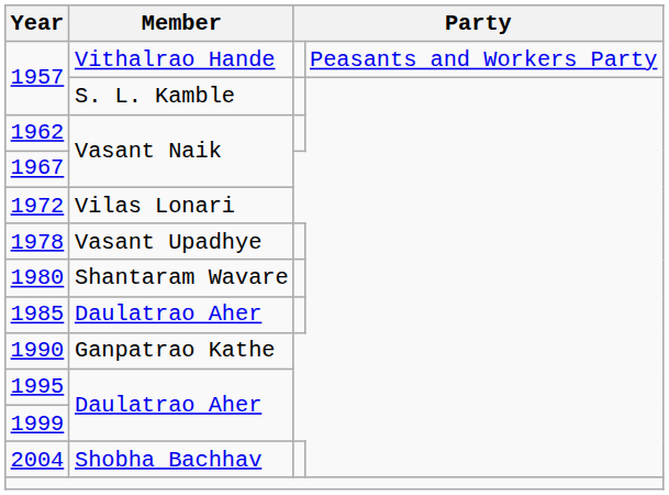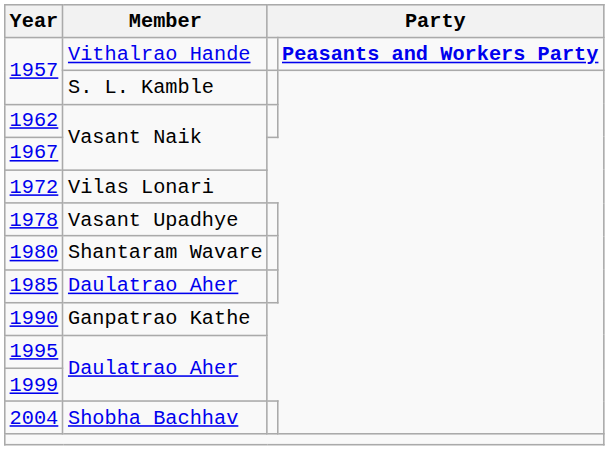 <table class=wikitable>
 <tr>
 <th>Year</th>
 <th>Member</th>
 <th colspan="2">Party</th>
 </tr>
 <tr>
 <td rowspan="2"><a href='#'>1957</a></td>
 <td><a href='#'>Vithalrao Hande</a></td>
 <td style="background-color :"></td>
-<td><a href='#'>Peasants and Workers Party</a></td>
+<td><strong><a href='#'>Peasants and Workers Party</a></strong></td>
 </tr>
 <tr>
 <td>S. L. Kamble</td>
 <td></td>
 </tr>
 <tr>
 <td><a href='#'>1962</a></td>
 <td rowspan="2">Vasant Naik</td>
 <td></td>
 </tr>
 <tr>
 <td><a href='#'>1967</a></td>
 </tr>
 <tr>
 <td><a href='#'>1972</a></td>
 <td>Vilas Lonari</td>
 </tr>
 <tr>
 <td><a href='#'>1978</a></td>
 <td>Vasant Upadhye</td>
 <td></td>
 </tr>
 <tr>
 <td><a href='#'>1980</a></td>
 <td>Shantaram Wavare</td>
 <td></td>
 </tr>
 <tr>
 <td><a href='#'>1985</a></td>
 <td><a href='#'>Daulatrao Aher</a></td>
 <td></td>
 </tr>
 <tr>
 <td><a href='#'>1990</a></td>
 <td>Ganpatrao Kathe</td>
 </tr>
 <tr>
 <td><a href='#'>1995</a></td>
 <td rowspan="2"><a href='#'>Daulatrao Aher</a></td>
 </tr>
 <tr>
 <td><a href='#'>1999</a></td>
 </tr>
 <tr>
 <td><a href='#'>2004</a></td>
 <td><a href='#'>Shobha Bachhav</a></td>
 <td></td>
 </tr>
 <tr>
 <td colspan="4"></td>
 </tr>
 </table>
